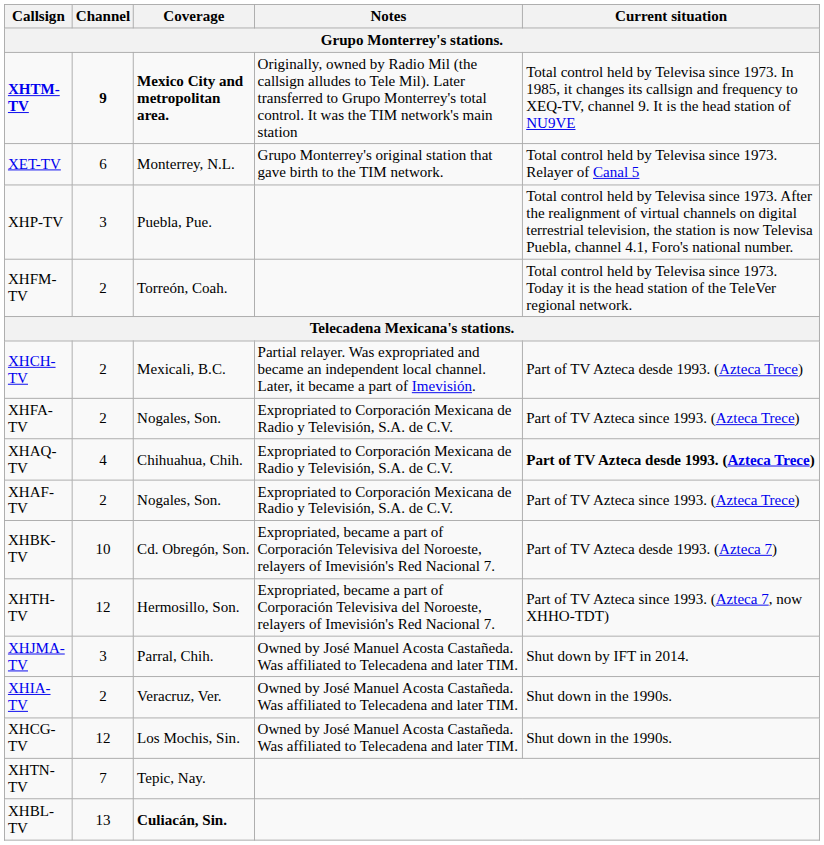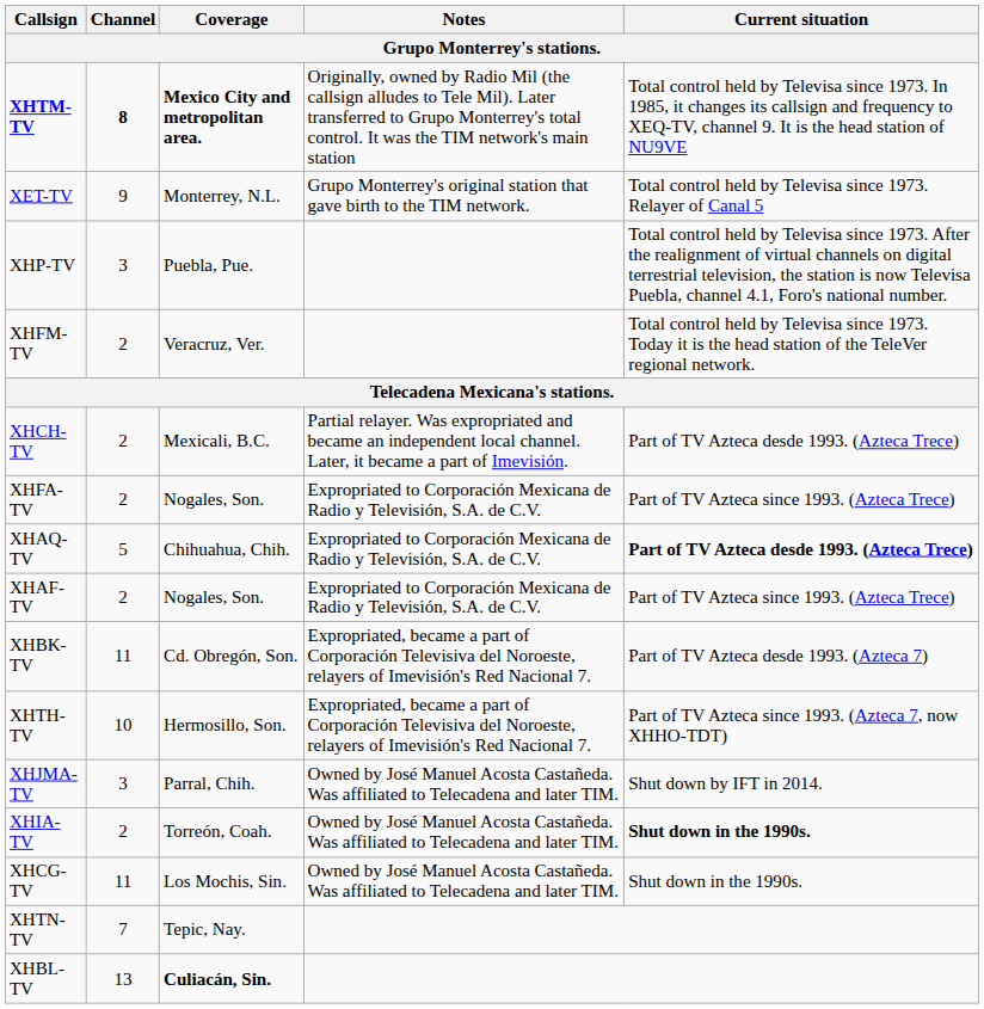 <table class="wikitable mw-collapsible mw-collapsed" border="1">
 <tr>
 <th>Callsign</th>
 <th>Channel</th>
 <th>Coverage</th>
 <th>Notes</th>
 <th>Current situation</th>
 </tr>
 <tr style="background:">
 <th colspan=5>Grupo Monterrey's stations.</th>
 </tr>
 <tr>
 <td><strong><a href='#'>XHTM-TV</a></strong></td>
-<td style="text-align:center"><strong>9</strong></td>
+<td style="text-align:center"><strong>8</strong></td>
 <td><strong>Mexico City and metropolitan area.</strong></td>
 <td>Originally, owned by Radio Mil (the callsign alludes to Tele Mil). Later transferred to Grupo Monterrey's total control. It was the TIM network's main station</td>
 <td>Total control held by Televisa since 1973. In 1985, it changes its callsign and frequency to XEQ-TV, channel 9. It is the head station of <a href='#'>NU9VE</a></td>
 </tr>
 <tr>
 <td><a href='#'>XET-TV</a></td>
-<td style="text-align:center">6</td>
+<td style="text-align:center">9</td>
 <td>Monterrey, N.L.</td>
 <td>Grupo Monterrey's original station that gave birth to the TIM network.</td>
 <td>Total control held by Televisa since 1973. Relayer of <a href='#'>Canal 5</a></td>
 </tr>
 <tr>
 <td>XHP-TV</td>
 <td style="text-align:center">3</td>
 <td>Puebla, Pue.</td>
 <td></td>
 <td>Total control held by Televisa since 1973. After the realignment of virtual channels on digital terrestrial television, the station is now Televisa Puebla, channel 4.1, Foro's national number.</td>
 </tr>
 <tr>
 <td>XHFM-TV</td>
 <td style="text-align:center">2</td>
-<td>Torreón, Coah.</td>
+<td>Veracruz, Ver.</td>
 <td></td>
 <td>Total control held by Televisa since 1973. Today it is the head station of the TeleVer regional network.</td>
 </tr>
 <tr style="background:">
 <th colspan=5>Telecadena Mexicana's stations.</th>
 </tr>
 <tr>
 <td><a href='#'>XHCH-TV</a></td>
 <td style="text-align:center">2</td>
 <td>Mexicali, B.C.</td>
 <td>Partial relayer. Was expropriated and became an independent local channel. Later, it became a part of <a href='#'>Imevisión</a>.</td>
 <td>Part of TV Azteca desde 1993. (<a href='#'>Azteca Trece</a>)</td>
 </tr>
 <tr>
 <td>XHFA-TV</td>
 <td style="text-align:center">2</td>
 <td>Nogales, Son.</td>
 <td>Expropriated to Corporación Mexicana de Radio y Televisión, S.A. de C.V.</td>
 <td>Part of TV Azteca since 1993. (<a href='#'>Azteca Trece</a>)</td>
 </tr>
 <tr>
 <td>XHAQ-TV</td>
-<td style="text-align:center">4</td>
+<td style="text-align:center">5</td>
 <td>Chihuahua, Chih.</td>
 <td>Expropriated to Corporación Mexicana de Radio y Televisión, S.A. de C.V.</td>
 <td><strong>Part of TV Azteca desde 1993. (<a href='#'>Azteca Trece</a>)</strong></td>
 </tr>
 <tr>
 <td>XHAF-TV</td>
 <td style="text-align:center">2</td>
 <td>Nogales, Son.</td>
 <td>Expropriated to Corporación Mexicana de Radio y Televisión, S.A. de C.V.</td>
 <td>Part of TV Azteca since 1993. (<a href='#'>Azteca Trece</a>)</td>
 </tr>
 <tr>
 <td>XHBK-TV</td>
-<td style="text-align:center">10</td>
+<td style="text-align:center">11</td>
 <td>Cd. Obregón, Son.</td>
 <td>Expropriated, became a part of Corporación Televisiva del Noroeste, relayers of Imevisión's Red Nacional 7.</td>
 <td>Part of TV Azteca desde 1993. (<a href='#'>Azteca 7</a>)</td>
 </tr>
 <tr>
 <td>XHTH-TV</td>
-<td style="text-align:center">12</td>
+<td style="text-align:center">10</td>
 <td>Hermosillo, Son.</td>
 <td>Expropriated, became a part of Corporación Televisiva del Noroeste, relayers of Imevisión's Red Nacional 7.</td>
 <td>Part of TV Azteca since 1993. (<a href='#'>Azteca 7</a>, now XHHO-TDT)</td>
 </tr>
 <tr>
 <td><a href='#'>XHJMA-TV</a></td>
 <td style="text-align:center">3</td>
 <td>Parral, Chih.</td>
 <td>Owned by José Manuel Acosta Castañeda. Was affiliated to Telecadena and later TIM.</td>
 <td>Shut down by IFT in 2014.</td>
 </tr>
 <tr>
 <td><a href='#'>XHIA-TV</a></td>
 <td style="text-align:center">2</td>
-<td>Veracruz, Ver.</td>
+<td>Torreón, Coah.</td>
 <td>Owned by José Manuel Acosta Castañeda. Was affiliated to Telecadena and later TIM.</td>
-<td>Shut down in the 1990s.</td>
+<td><strong>Shut down in the 1990s.</strong></td>
 </tr>
 <tr>
 <td>XHCG-TV</td>
-<td style="text-align:center">12</td>
+<td style="text-align:center">11</td>
 <td>Los Mochis, Sin.</td>
 <td>Owned by José Manuel Acosta Castañeda. Was affiliated to Telecadena and later TIM.</td>
 <td>Shut down in the 1990s.</td>
 </tr>
 <tr>
 <td>XHTN-TV</td>
 <td style="text-align:center">7</td>
 <td>Tepic, Nay.</td>
 <td colspan=2></td>
 </tr>
 <tr>
 <td>XHBL-TV</td>
 <td style="text-align:center">13</td>
 <td><strong>Culiacán, Sin.</strong></td>
 <td colspan=2></td>
 </tr>
 </table>
